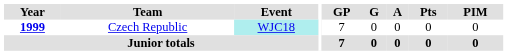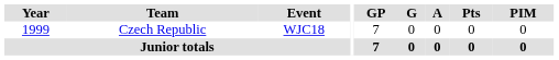 <table border="0" cellpadding="1" cellspacing="0" ID="Table3" style="text-align:center; width:40em">
 <tr bgcolor="#e0e0e0">
 <th>Year</th>
 <th>Team</th>
 <th>Event</th>
 <th rowspan="102" bgcolor="#ffffff"></th>
 <th>GP</th>
 <th>G</th>
 <th>A</th>
 <th>Pts</th>
 <th>PIM</th>
 </tr>
 <tr>
-<td><strong><a href='#'>1999</a></strong></td>
+<td><a href='#'>1999</a></td>
 <td><a href='#'>Czech Republic</a></td>
-<td style="background: paleturquoise;"><a href='#'>WJC18</a></td>
+<td><a href='#'>WJC18</a></td>
 <td>7</td>
 <td>0</td>
 <td>0</td>
 <td>0</td>
 <td>0</td>
 </tr>
 <tr bgcolor="#e0e0e0">
 <th colspan="3">Junior totals</th>
 <th>7</th>
 <th>0</th>
 <th>0</th>
 <th>0</th>
 <th>0</th>
 </tr>
 </table>
